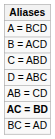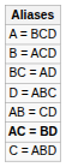 <table class="wikitable" style="text-align: center">
 <tr>
 <th>Aliases</th>
 </tr>
 <tr>
 <td>A = BCD</td>
 </tr>
 <tr>
 <td>B = ACD</td>
 </tr>
 <tr>
-<td>C = ABD</td>
+<td>BC = AD</td>
 </tr>
 <tr>
 <td>D = ABC</td>
 </tr>
 <tr>
 <td>AB = CD</td>
 </tr>
 <tr>
 <td><strong>AC = BD</strong></td>
 </tr>
 <tr>
-<td>BC = AD</td>
+<td>C = ABD</td>
 </tr>
 </table>
